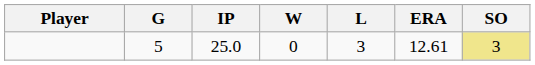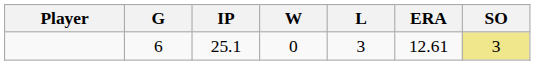 <table class="wikitable sortable">
 <tr>
 <th bgcolor="#DDDDFF" width="16%">Player</th>
 <th bgcolor="#DDDDFF" width="9%">G</th>
 <th bgcolor="#DDDDFF" width="9%">IP</th>
 <th bgcolor="#DDDDFF" width="9%">W</th>
 <th bgcolor="#DDDDFF" width="9%">L</th>
 <th bgcolor="#DDDDFF" width="9%">ERA</th>
 <th bgcolor="#DDDDFF" width="9%">SO</th>
 </tr>
 <tr align="center">
 <td></td>
-<td>5</td>
-<td>25.0</td>
+<td>6</td>
+<td>25.1</td>
 <td>0</td>
 <td>3</td>
 <td>12.61</td>
 <td style="background: khaki;">3</td>
 </tr>
 </table>
